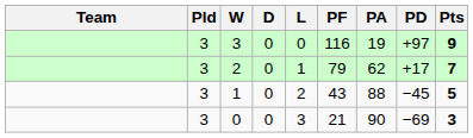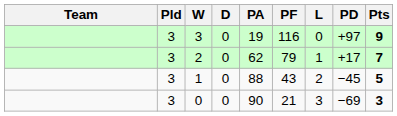 <table class="wikitable" style="text-align:center;">
 <tr>
 <th width=175>Team</th>
 <th width=25 abbr="Played">Pld</th>
 <th width=25 abbr="Won">W</th>
 <th width=25 abbr="Drawn">D</th>
+<th width=32 abbr="Points against">PA</th>
+<th width=32 abbr="Points for">PF</th>
 <th width=25 abbr="Lost">L</th>
-<th width=32 abbr="Points for">PF</th>
-<th width=32 abbr="Points against">PA</th>
 <th width=32 abbr="Points difference">PD</th>
 <th width=25 abbr="Points">Pts</th>
 </tr>
 <tr bgcolor=ccffcc>
 <td align=left></td>
 <td>3</td>
 <td>3</td>
 <td>0</td>
+<td>19</td>
+<td>116</td>
 <td>0</td>
-<td>116</td>
-<td>19</td>
 <td>+97</td>
 <td><strong>9</strong></td>
 </tr>
 <tr bgcolor=ccffcc>
 <td align=left></td>
 <td>3</td>
 <td>2</td>
 <td>0</td>
+<td>62</td>
+<td>79</td>
 <td>1</td>
-<td>79</td>
-<td>62</td>
 <td>+17</td>
 <td><strong>7</strong></td>
 </tr>
 <tr>
 <td align=left></td>
 <td>3</td>
 <td>1</td>
 <td>0</td>
+<td>88</td>
+<td>43</td>
 <td>2</td>
-<td>43</td>
-<td>88</td>
 <td>−45</td>
 <td><strong>5</strong></td>
 </tr>
 <tr>
 <td align=left></td>
 <td>3</td>
 <td>0</td>
 <td>0</td>
+<td>90</td>
+<td>21</td>
 <td>3</td>
-<td>21</td>
-<td>90</td>
 <td>−69</td>
 <td><strong>3</strong></td>
 </tr>
 </table>
